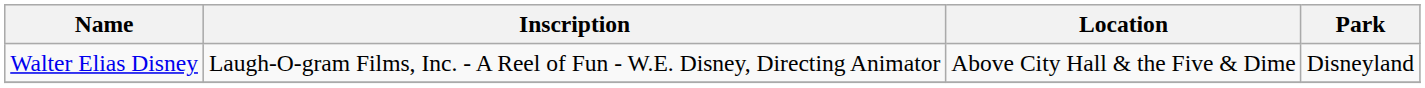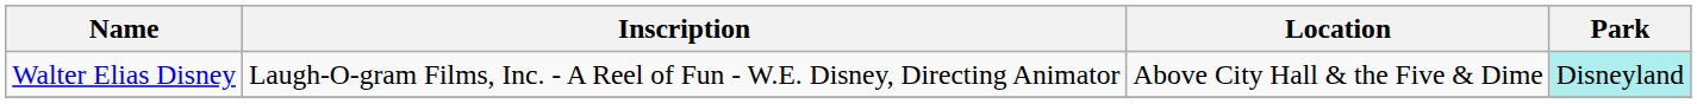 <table class="wikitable" style="font-size: 95%">
 <tr>
 <th>Name</th>
 <th>Inscription</th>
 <th>Location</th>
 <th>Park</th>
 </tr>
 <tr>
 <td><a href='#'>Walter Elias Disney</a></td>
 <td>Laugh-O-gram Films, Inc. - A Reel of Fun - W.E. Disney, Directing Animator</td>
 <td>Above City Hall & the Five & Dime</td>
-<td>Disneyland</td>
+<td style="background: paleturquoise;">Disneyland</td>
 </tr>
 <tr>
 </tr>
 </table>
